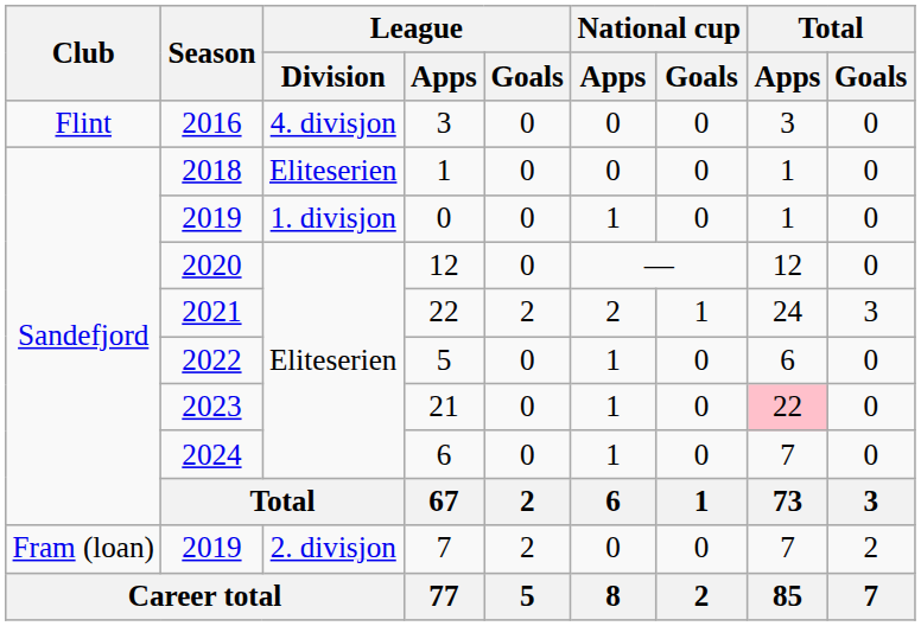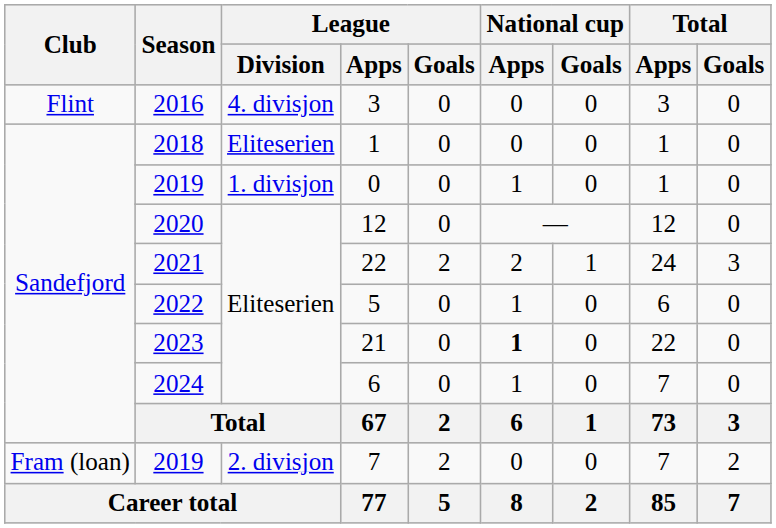 <table class="wikitable" style="text-align: center;">
 <tr>
 <th rowspan="2">Club</th>
 <th rowspan="2">Season</th>
 <th colspan="3">League</th>
 <th colspan="2">National cup</th>
 <th colspan="2">Total</th>
 </tr>
 <tr>
 <th>Division</th>
 <th>Apps</th>
 <th>Goals</th>
 <th>Apps</th>
 <th>Goals</th>
 <th>Apps</th>
 <th>Goals</th>
 </tr>
 <tr>
 <td><a href='#'>Flint</a></td>
 <td><a href='#'>2016</a></td>
 <td><a href='#'>4. divisjon</a></td>
 <td>3</td>
 <td>0</td>
 <td>0</td>
 <td>0</td>
 <td>3</td>
 <td>0</td>
 </tr>
 <tr>
 <td rowspan="8"><a href='#'>Sandefjord</a></td>
 <td><a href='#'>2018</a></td>
 <td><a href='#'>Eliteserien</a></td>
 <td>1</td>
 <td>0</td>
 <td>0</td>
 <td>0</td>
 <td>1</td>
 <td>0</td>
 </tr>
 <tr>
 <td><a href='#'>2019</a></td>
 <td><a href='#'>1. divisjon</a></td>
 <td>0</td>
 <td>0</td>
 <td>1</td>
 <td>0</td>
 <td>1</td>
 <td>0</td>
 </tr>
 <tr>
 <td><a href='#'>2020</a></td>
 <td rowspan="5">Eliteserien</td>
 <td>12</td>
 <td>0</td>
 <td colspan="2">—</td>
 <td>12</td>
 <td>0</td>
 </tr>
 <tr>
 <td><a href='#'>2021</a></td>
 <td>22</td>
 <td>2</td>
 <td>2</td>
 <td>1</td>
 <td>24</td>
 <td>3</td>
 </tr>
 <tr>
 <td><a href='#'>2022</a></td>
 <td>5</td>
 <td>0</td>
 <td>1</td>
 <td>0</td>
 <td>6</td>
 <td>0</td>
 </tr>
 <tr>
 <td><a href='#'>2023</a></td>
 <td>21</td>
 <td>0</td>
-<td>1</td>
+<td><strong>1</strong></td>
 <td>0</td>
-<td style="background: pink;">22</td>
+<td>22</td>
 <td>0</td>
 </tr>
 <tr>
 <td><a href='#'>2024</a></td>
 <td>6</td>
 <td>0</td>
 <td>1</td>
 <td>0</td>
 <td>7</td>
 <td>0</td>
 </tr>
 <tr>
 <th colspan="2">Total</th>
 <th>67</th>
 <th>2</th>
 <th>6</th>
 <th>1</th>
 <th>73</th>
 <th>3</th>
 </tr>
 <tr>
 <td><a href='#'>Fram</a> (loan)</td>
 <td><a href='#'>2019</a></td>
 <td><a href='#'>2. divisjon</a></td>
 <td>7</td>
 <td>2</td>
 <td>0</td>
 <td>0</td>
 <td>7</td>
 <td>2</td>
 </tr>
 <tr>
 <th colspan="3">Career total</th>
 <th>77</th>
 <th>5</th>
 <th>8</th>
 <th>2</th>
 <th>85</th>
 <th>7</th>
 </tr>
 </table>
